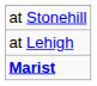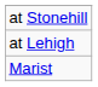 <table class="wikitable">
 <tr>
 </tr>
 <tr>
 <td>at <a href='#'>Stonehill</a></td>
 </tr>
 <tr>
 <td>at <a href='#'>Lehigh</a></td>
 </tr>
 <tr>
-<td><strong><a href='#'>Marist</a></strong></td>
+<td><a href='#'>Marist</a></td>
 </tr>
 </table>
